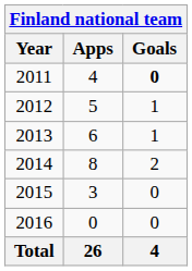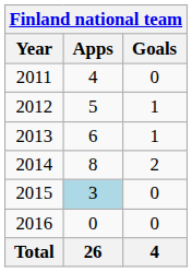 <table class="wikitable" style="text-align:center">
 <tr>
 <th colspan="3"><a href='#'>Finland national team</a></th>
 </tr>
 <tr>
 <th>Year</th>
 <th>Apps</th>
 <th>Goals</th>
 </tr>
 <tr>
 <td>2011</td>
 <td>4</td>
-<td><strong>0</strong></td>
+<td>0</td>
 </tr>
 <tr>
 <td>2012</td>
 <td>5</td>
 <td>1</td>
 </tr>
 <tr>
 <td>2013</td>
 <td>6</td>
 <td>1</td>
 </tr>
 <tr>
 <td>2014</td>
 <td>8</td>
 <td>2</td>
 </tr>
 <tr>
 <td>2015</td>
-<td>3</td>
+<td style="background: lightblue;">3</td>
 <td>0</td>
 </tr>
 <tr>
 <td>2016</td>
 <td>0</td>
 <td>0</td>
 </tr>
 <tr>
 <th>Total</th>
 <th>26</th>
 <th>4</th>
 </tr>
 </table>
